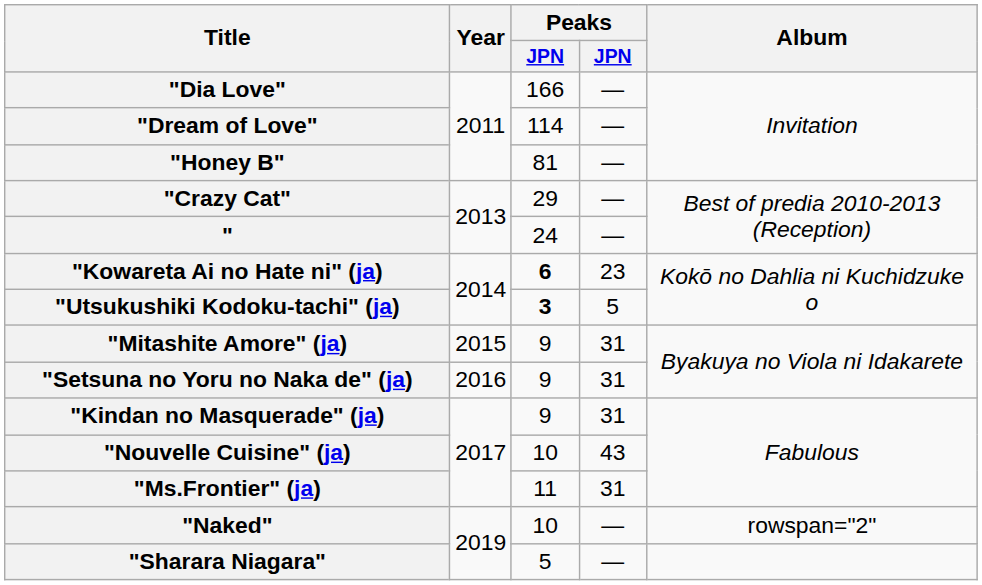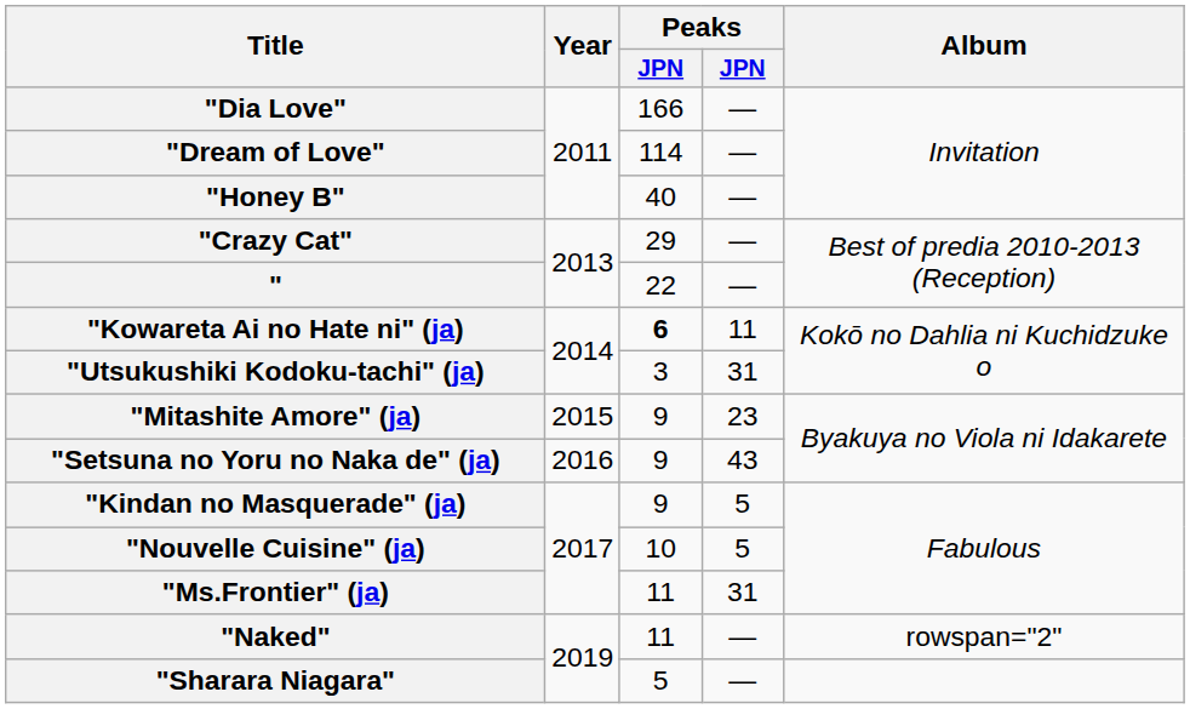 <table class="wikitable plainrowheaders" style="text-align: center;" border="1">
 <tr>
 <th rowspan="2" scope="col" style="width:19em;">Title</th>
 <th rowspan="2" scope="col" style="width:1em;">Year</th>
 <th colspan="2" scope="col">Peaks</th>
 <th rowspan="2" scope="col" style="width:14em;">Album</th>
 </tr>
 <tr>
 <th scope="col" style="width:3em;font-size:85%;"><a href='#'>JPN</a><br></th>
 <th scope="col" style="width:3em;font-size:85%;"><a href='#'>JPN </a><br></th>
 </tr>
 <tr>
 <th scope="row">"Dia Love"</th>
 <td rowspan="3">2011</td>
 <td>166</td>
 <td>—</td>
 <td rowspan="3"><em>Invitation</em></td>
 </tr>
 <tr>
 <th scope="row">"Dream of Love"</th>
 <td>114</td>
 <td>—</td>
 </tr>
 <tr>
 <th scope="row">"Honey B"</th>
-<td>81</td>
+<td>40</td>
 <td>—</td>
 </tr>
 <tr>
 <th scope="row">"Crazy Cat"</th>
 <td rowspan="2">2013</td>
 <td>29</td>
 <td>—</td>
 <td rowspan="2"><em>Best of predia 2010-2013 (Reception)</em></td>
 </tr>
 <tr>
 <th scope="row">"</th>
-<td>24</td>
+<td>22</td>
 <td>—</td>
 </tr>
 <tr>
 <th scope="row">"Kowareta Ai no Hate ni" (<a href='#'>ja</a>)</th>
 <td rowspan="2">2014</td>
 <td><strong>6</strong></td>
-<td>23</td>
+<td>11</td>
 <td rowspan="2"><em>Kokō no Dahlia ni Kuchidzuke o</em></td>
 </tr>
 <tr>
 <th scope="row">"Utsukushiki Kodoku-tachi" (<a href='#'>ja</a>)</th>
-<td><strong>3</strong></td>
-<td>5</td>
+<td>3</td>
+<td>31</td>
 </tr>
 <tr>
 <th scope="row">"Mitashite Amore" (<a href='#'>ja</a>)</th>
 <td>2015</td>
 <td>9</td>
-<td>31</td>
+<td>23</td>
 <td rowspan="2"><em>Byakuya no Viola ni Idakarete</em></td>
 </tr>
 <tr>
 <th scope="row">"Setsuna no Yoru no Naka de" (<a href='#'>ja</a>)</th>
 <td>2016</td>
 <td>9</td>
-<td>31</td>
+<td>43</td>
 </tr>
 <tr>
 <th scope="row">"Kindan no Masquerade" (<a href='#'>ja</a>)</th>
 <td rowspan="3">2017</td>
 <td>9</td>
-<td>31</td>
+<td>5</td>
 <td rowspan="3"><em>Fabulous</em></td>
 </tr>
 <tr>
 <th scope="row">"Nouvelle Cuisine" (<a href='#'>ja</a>)</th>
 <td>10</td>
-<td>43</td>
+<td>5</td>
 </tr>
 <tr>
 <th scope="row">"Ms.Frontier" (<a href='#'>ja</a>)</th>
 <td>11</td>
 <td>31</td>
 </tr>
 <tr>
 <th scope="row">"Naked"</th>
 <td rowspan="2">2019</td>
-<td>10</td>
+<td>11</td>
 <td>—</td>
 <td>rowspan="2" </td>
 </tr>
 <tr>
 <th scope="row">"Sharara Niagara"</th>
 <td>5</td>
 <td>—</td>
 </tr>
 </table>
